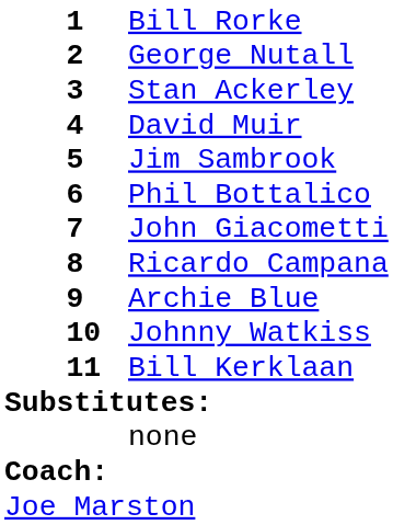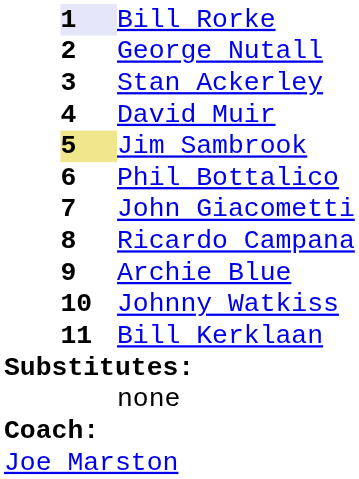 <table style="font-size: 90%" cellspacing="0" cellpadding="0">
 <tr>
 <th width="25"></th>
 <th width="25"></th>
 </tr>
 <tr>
 <td></td>
-<td><strong>1</strong></td>
+<td style="background: lavender;"><strong>1</strong></td>
 <td> <a href='#'>Bill Rorke</a></td>
 </tr>
 <tr>
 <td></td>
 <td><strong>2</strong></td>
 <td> <a href='#'>George Nutall</a></td>
 </tr>
 <tr>
 <td></td>
 <td><strong>3</strong></td>
 <td> <a href='#'>Stan Ackerley</a></td>
 </tr>
 <tr>
 <td></td>
 <td><strong>4</strong></td>
 <td> <a href='#'>David Muir</a></td>
 </tr>
 <tr>
 <td></td>
-<td><strong>5</strong></td>
+<td style="background: khaki;"><strong>5</strong></td>
 <td> <a href='#'>Jim Sambrook</a></td>
 </tr>
 <tr>
 <td></td>
 <td><strong>6</strong></td>
 <td> <a href='#'>Phil Bottalico</a></td>
 </tr>
 <tr>
 <td></td>
 <td><strong>7</strong></td>
 <td> <a href='#'>John Giacometti</a></td>
 </tr>
 <tr>
 <td></td>
 <td><strong>8</strong></td>
 <td> <a href='#'>Ricardo Campana</a></td>
 </tr>
 <tr>
 <td></td>
 <td><strong>9</strong></td>
 <td> <a href='#'>Archie Blue</a></td>
 </tr>
 <tr>
 <td></td>
 <td><strong>10</strong></td>
 <td> <a href='#'>Johnny Watkiss</a></td>
 </tr>
 <tr>
 <td></td>
 <td><strong>11</strong></td>
 <td> <a href='#'>Bill Kerklaan</a></td>
 </tr>
 <tr>
 <td colspan=4><strong>Substitutes:</strong></td>
 </tr>
 <tr>
 <td></td>
 <td></td>
 <td>none</td>
 </tr>
 <tr>
 <td colspan=4><strong>Coach:</strong></td>
 </tr>
 <tr>
 <td colspan=4> <a href='#'>Joe Marston</a></td>
 </tr>
 </table>
